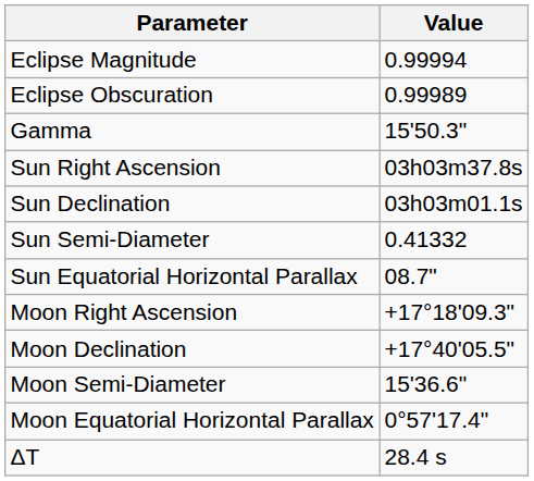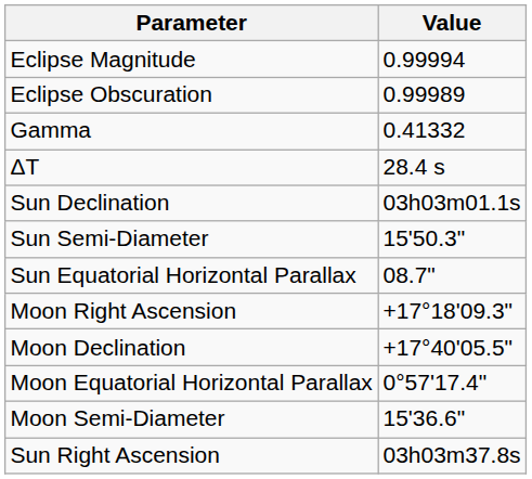 <table class="wikitable">
 <tr>
 <th>Parameter</th>
 <th>Value</th>
 </tr>
 <tr>
 <td>Eclipse Magnitude</td>
 <td>0.99994</td>
 </tr>
 <tr>
 <td>Eclipse Obscuration</td>
 <td>0.99989</td>
 </tr>
 <tr>
 <td>Gamma</td>
-<td>15'50.3"</td>
+<td>0.41332</td>
 </tr>
 <tr>
-<td>Sun Right Ascension</td>
-<td>03h03m37.8s</td>
+<td>ΔT</td>
+<td>28.4 s</td>
 </tr>
 <tr>
 <td>Sun Declination</td>
 <td>03h03m01.1s</td>
 </tr>
 <tr>
 <td>Sun Semi-Diameter</td>
-<td>0.41332</td>
+<td>15'50.3"</td>
 </tr>
 <tr>
 <td>Sun Equatorial Horizontal Parallax</td>
 <td>08.7"</td>
 </tr>
 <tr>
 <td>Moon Right Ascension</td>
 <td>+17°18'09.3"</td>
 </tr>
 <tr>
 <td>Moon Declination</td>
 <td>+17°40'05.5"</td>
 </tr>
 <tr>
+<td>Moon Equatorial Horizontal Parallax</td>
+<td>0°57'17.4"</td>
+</tr>
+<tr>
 <td>Moon Semi-Diameter</td>
 <td>15'36.6"</td>
 </tr>
 <tr>
-<td>Moon Equatorial Horizontal Parallax</td>
-<td>0°57'17.4"</td>
-</tr>
-<tr>
-<td>ΔT</td>
-<td>28.4 s</td>
+<td>Sun Right Ascension</td>
+<td>03h03m37.8s</td>
 </tr>
 </table>
